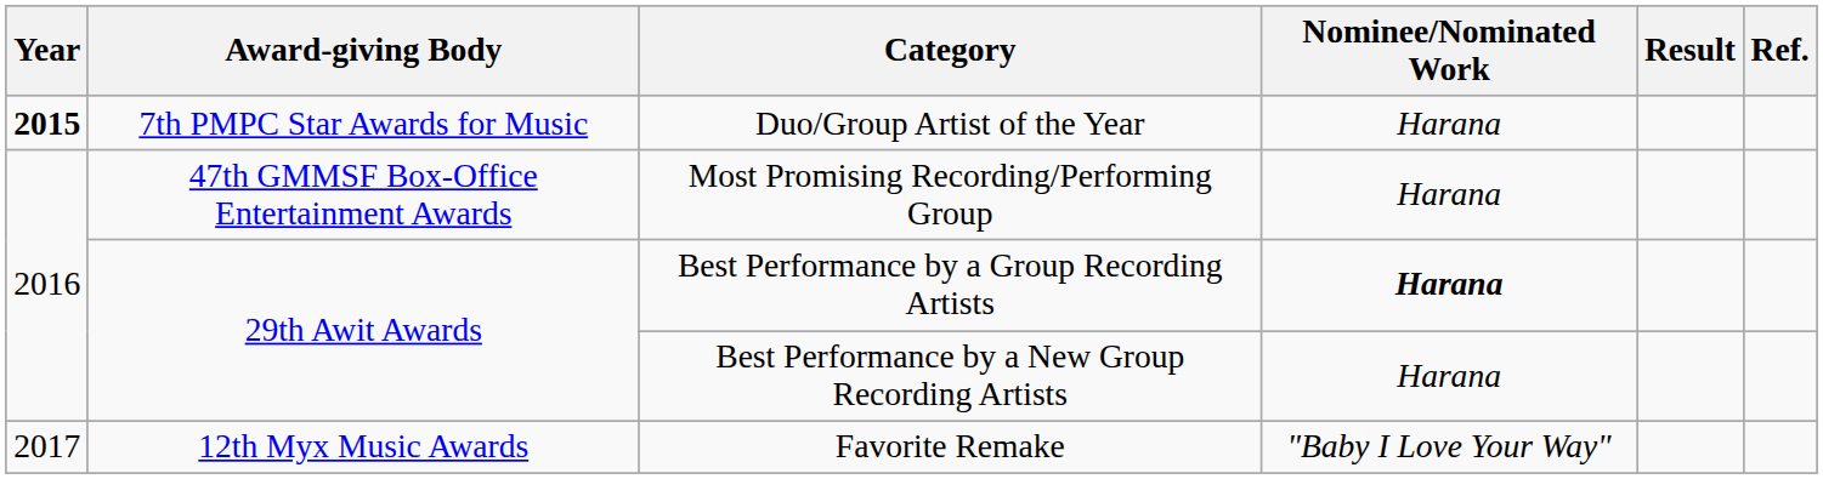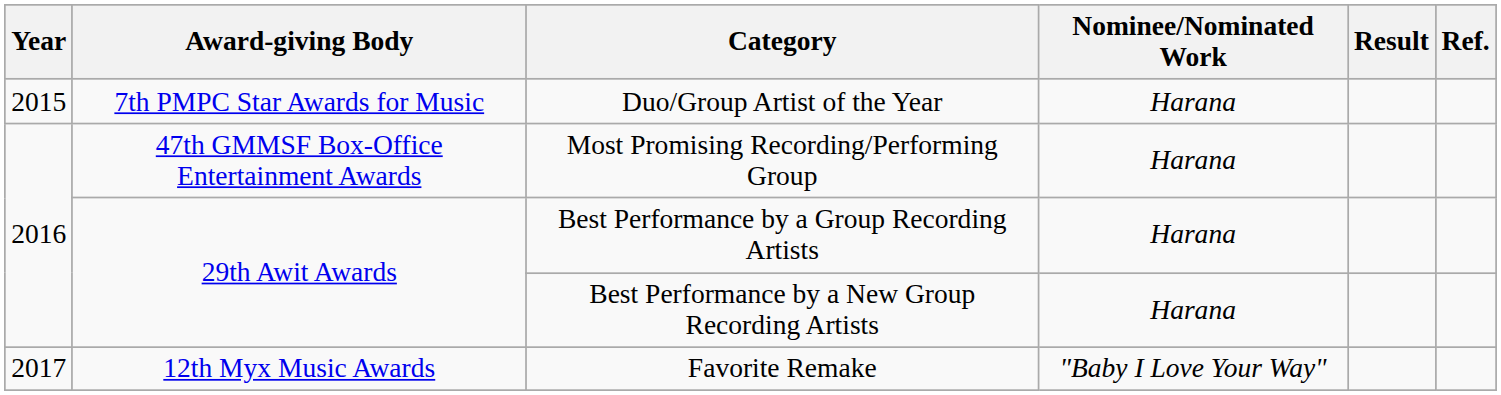 <table class="wikitable sortable" style="text-align:center">
 <tr>
 <th>Year</th>
 <th>Award-giving Body</th>
 <th>Category</th>
 <th>Nominee/Nominated Work</th>
 <th>Result</th>
 <th>Ref.</th>
 </tr>
 <tr>
-<td><strong>2015</strong></td>
+<td>2015</td>
 <td><a href='#'>7th PMPC Star Awards for Music</a></td>
 <td>Duo/Group Artist of the Year</td>
 <td><em>Harana</em></td>
 <td></td>
 <td></td>
 </tr>
 <tr>
 <td rowspan=3>2016</td>
 <td><a href='#'>47th GMMSF Box-Office Entertainment Awards</a></td>
 <td>Most Promising Recording/Performing Group</td>
 <td><em>Harana</em></td>
 <td></td>
 <td></td>
 </tr>
 <tr>
 <td rowspan=2><a href='#'>29th Awit Awards</a></td>
 <td>Best Performance by a Group Recording Artists</td>
-<td><strong><em>Harana</em></strong></td>
+<td><em>Harana</em></td>
 <td></td>
 <td></td>
 </tr>
 <tr>
 <td>Best Performance by a New Group Recording Artists</td>
 <td><em>Harana</em></td>
 <td></td>
 <td></td>
 </tr>
 <tr>
 <td>2017</td>
 <td><a href='#'>12th Myx Music Awards</a></td>
 <td>Favorite Remake</td>
 <td><em>"Baby I Love Your Way"</em> </td>
 <td></td>
 <td></td>
 </tr>
 </table>
